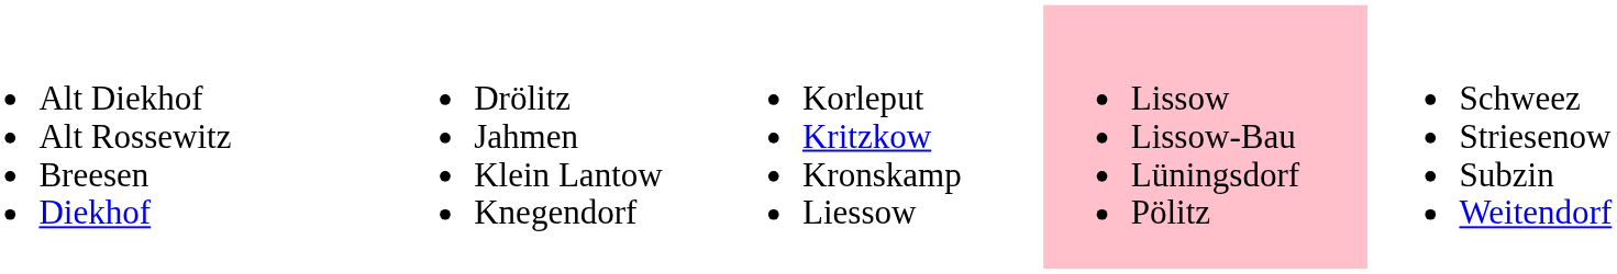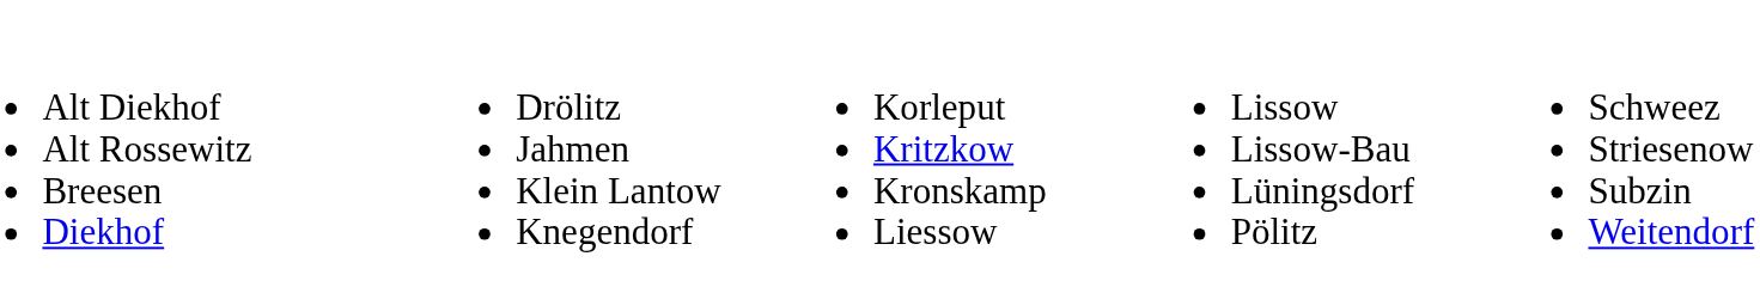 <table>
 <tr>
 <td colspan="3"></td>
 </tr>
 <tr>
 <td width="200" valign="top"><br><ul><li>Alt Diekhof</li><li>Alt Rossewitz</li><li>Breesen</li><li><a href='#'>Diekhof</a></li></ul></td>
 <td width="150" valign="top"><br><ul><li>Drölitz</li><li>Jahmen</li><li>Klein Lantow</li><li>Knegendorf</li></ul></td>
 <td width="150" valign="top"><br><ul><li>Korleput</li><li><a href='#'>Kritzkow</a></li><li>Kronskamp</li><li>Liessow</li></ul></td>
-<td width="150" valign="top" style="background: pink;"><br><ul><li>Lissow</li><li>Lissow-Bau</li><li>Lüningsdorf</li><li>Pölitz</li></ul></td>
+<td width="150" valign="top"><br><ul><li>Lissow</li><li>Lissow-Bau</li><li>Lüningsdorf</li><li>Pölitz</li></ul></td>
 <td width="150" valign="top"><br><ul><li>Schweez</li><li>Striesenow</li><li>Subzin</li><li><a href='#'>Weitendorf</a></li></ul></td>
 </tr>
 </table>
